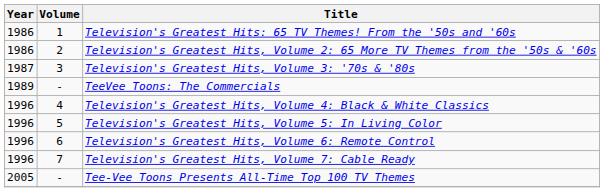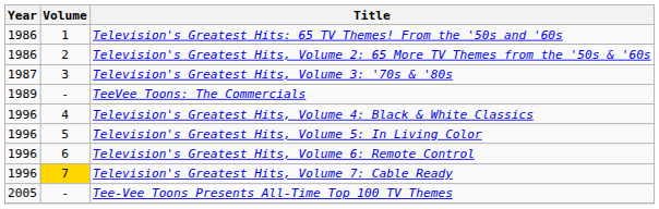 <table class="wikitable">
 <tr>
 <th>Year</th>
 <th>Volume</th>
 <th>Title</th>
 </tr>
 <tr>
 <td>1986</td>
 <td align="center">1</td>
 <td><em><a href='#'>Television's Greatest Hits: 65 TV Themes! From the '50s and '60s</a></em></td>
 </tr>
 <tr>
 <td>1986</td>
 <td align="center">2</td>
 <td><em><a href='#'>Television's Greatest Hits, Volume 2: 65 More TV Themes from the '50s & '60s</a></em></td>
 </tr>
 <tr>
 <td>1987</td>
 <td align="center">3</td>
 <td><em><a href='#'>Television's Greatest Hits, Volume 3: '70s & '80s</a></em></td>
 </tr>
 <tr>
 <td>1989</td>
 <td align="center">-</td>
 <td><em><a href='#'>TeeVee Toons: The Commercials</a></em></td>
 </tr>
 <tr>
 <td>1996</td>
 <td align="center">4</td>
 <td><em><a href='#'>Television's Greatest Hits, Volume 4: Black & White Classics</a></em></td>
 </tr>
 <tr>
 <td>1996</td>
 <td align="center">5</td>
 <td><em><a href='#'>Television's Greatest Hits, Volume 5: In Living Color</a></em></td>
 </tr>
 <tr>
 <td>1996</td>
 <td align="center">6</td>
 <td><em><a href='#'>Television's Greatest Hits, Volume 6: Remote Control</a></em></td>
 </tr>
 <tr>
 <td>1996</td>
-<td align="center">7</td>
+<td align="center" style="background: gold;">7</td>
 <td><em><a href='#'>Television's Greatest Hits, Volume 7: Cable Ready</a></em></td>
 </tr>
 <tr>
 <td>2005</td>
 <td align="center">-</td>
 <td><em><a href='#'>Tee-Vee Toons Presents All-Time Top 100 TV Themes</a></em></td>
 </tr>
 <tr>
 </tr>
 </table>
